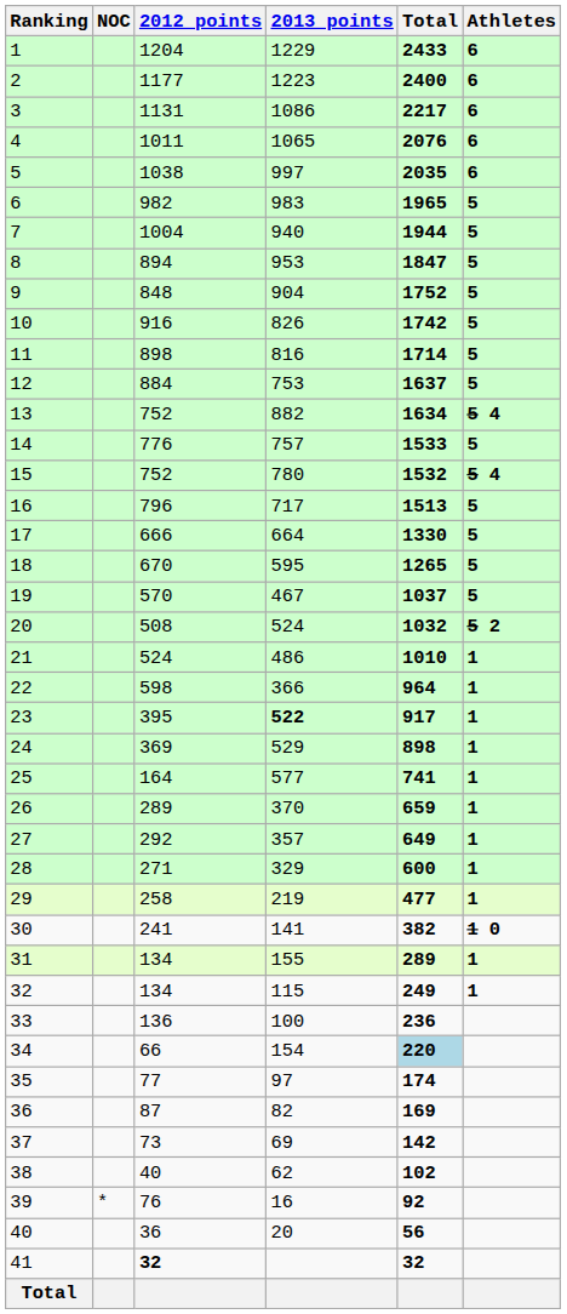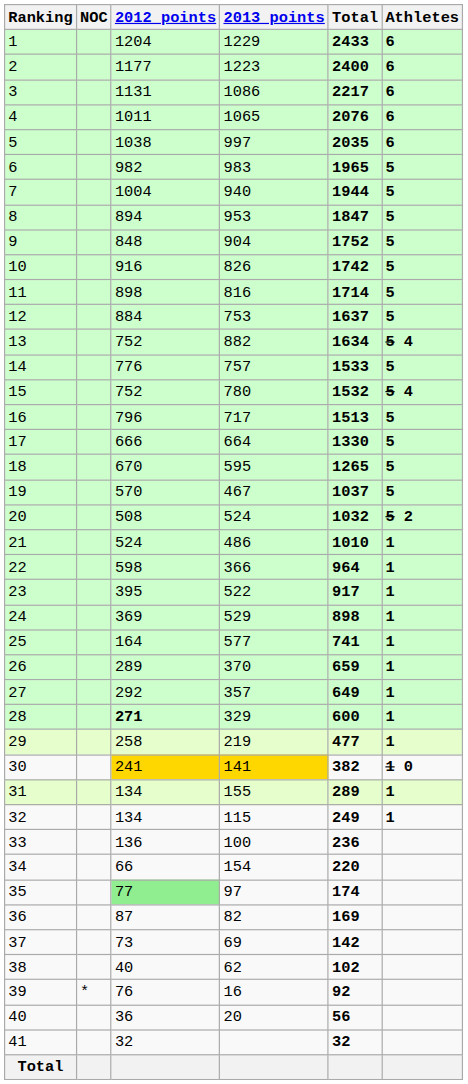 <table class="wikitable sortable">
 <tr>
 <th>Ranking</th>
 <th>NOC</th>
 <th><a href='#'>2012 points</a></th>
 <th><a href='#'>2013 points</a></th>
 <th>Total</th>
 <th>Athletes</th>
 </tr>
 <tr bgcolor=ccffcc>
 <td>1</td>
 <td align=left></td>
 <td>1204</td>
 <td>1229</td>
 <td><strong>2433</strong></td>
 <td><strong>6</strong></td>
 </tr>
 <tr bgcolor=ccffcc>
 <td>2</td>
 <td align=left></td>
 <td>1177</td>
 <td>1223</td>
 <td><strong>2400</strong></td>
 <td><strong>6</strong></td>
 </tr>
 <tr bgcolor=ccffcc>
 <td>3</td>
 <td align=left></td>
 <td>1131</td>
 <td>1086</td>
 <td><strong>2217</strong></td>
 <td><strong>6</strong></td>
 </tr>
 <tr bgcolor=ccffcc>
 <td>4</td>
 <td align=left></td>
 <td>1011</td>
 <td>1065</td>
 <td><strong>2076</strong></td>
 <td><strong>6</strong></td>
 </tr>
 <tr bgcolor=ccffcc>
 <td>5</td>
 <td align=left></td>
 <td>1038</td>
 <td>997</td>
 <td><strong>2035</strong></td>
 <td><strong>6</strong></td>
 </tr>
 <tr bgcolor=ccffcc>
 <td>6</td>
 <td align=left></td>
 <td>982</td>
 <td>983</td>
 <td><strong>1965</strong></td>
 <td><strong>5</strong></td>
 </tr>
 <tr bgcolor=ccffcc>
 <td>7</td>
 <td align=left></td>
 <td>1004</td>
 <td>940</td>
 <td><strong>1944</strong></td>
 <td><strong>5</strong></td>
 </tr>
 <tr bgcolor=ccffcc>
 <td>8</td>
 <td align=left></td>
 <td>894</td>
 <td>953</td>
 <td><strong>1847</strong></td>
 <td><strong>5</strong></td>
 </tr>
 <tr bgcolor=ccffcc>
 <td>9</td>
 <td align=left></td>
 <td>848</td>
 <td>904</td>
 <td><strong>1752</strong></td>
 <td><strong>5</strong></td>
 </tr>
 <tr bgcolor=ccffcc>
 <td>10</td>
 <td align=left></td>
 <td>916</td>
 <td>826</td>
 <td><strong>1742</strong></td>
 <td><strong>5</strong></td>
 </tr>
 <tr bgcolor=ccffcc>
 <td>11</td>
 <td align=left></td>
 <td>898</td>
 <td>816</td>
 <td><strong>1714</strong></td>
 <td><strong>5</strong></td>
 </tr>
 <tr bgcolor=ccffcc>
 <td>12</td>
 <td align=left></td>
 <td>884</td>
 <td>753</td>
 <td><strong>1637</strong></td>
 <td><strong>5</strong></td>
 </tr>
 <tr bgcolor=ccffcc>
 <td>13</td>
 <td align=left></td>
 <td>752</td>
 <td>882</td>
 <td><strong>1634</strong></td>
 <td><s><strong>5</strong></s> <strong>4</strong></td>
 </tr>
 <tr bgcolor=ccffcc>
 <td>14</td>
 <td align=left></td>
 <td>776</td>
 <td>757</td>
 <td><strong>1533</strong></td>
 <td><strong>5</strong></td>
 </tr>
 <tr bgcolor=ccffcc>
 <td>15</td>
 <td align=left></td>
 <td>752</td>
 <td>780</td>
 <td><strong>1532</strong></td>
 <td><s><strong>5</strong></s> <strong>4</strong></td>
 </tr>
 <tr bgcolor=ccffcc>
 <td>16</td>
 <td align=left></td>
 <td>796</td>
 <td>717</td>
 <td><strong>1513</strong></td>
 <td><strong>5</strong></td>
 </tr>
 <tr bgcolor=ccffcc>
 <td>17</td>
 <td align=left></td>
 <td>666</td>
 <td>664</td>
 <td><strong>1330</strong></td>
 <td><strong>5</strong></td>
 </tr>
 <tr bgcolor=ccffcc>
 <td>18</td>
 <td align=left></td>
 <td>670</td>
 <td>595</td>
 <td><strong>1265</strong></td>
 <td><strong>5</strong></td>
 </tr>
 <tr bgcolor=ccffcc>
 <td>19</td>
 <td align=left></td>
 <td>570</td>
 <td>467</td>
 <td><strong>1037</strong></td>
 <td><strong>5</strong></td>
 </tr>
 <tr bgcolor=ccffcc>
 <td>20</td>
 <td align=left></td>
 <td>508</td>
 <td>524</td>
 <td><strong>1032</strong></td>
 <td><s><strong>5</strong></s> <strong>2</strong></td>
 </tr>
 <tr bgcolor=ccffcc>
 <td>21</td>
 <td align=left></td>
 <td>524</td>
 <td>486</td>
 <td><strong>1010</strong></td>
 <td><strong>1</strong></td>
 </tr>
 <tr bgcolor=ccffcc>
 <td>22</td>
 <td align=left></td>
 <td>598</td>
 <td>366</td>
 <td><strong>964</strong></td>
 <td><strong>1</strong></td>
 </tr>
 <tr bgcolor=ccffcc>
 <td>23</td>
 <td align=left></td>
 <td>395</td>
-<td><strong>522</strong></td>
+<td>522</td>
 <td><strong>917</strong></td>
 <td><strong>1</strong></td>
 </tr>
 <tr bgcolor=ccffcc>
 <td>24</td>
 <td align=left></td>
 <td>369</td>
 <td>529</td>
 <td><strong>898</strong></td>
 <td><strong>1</strong></td>
 </tr>
 <tr bgcolor=ccffcc>
 <td>25</td>
 <td align=left></td>
 <td>164</td>
 <td>577</td>
 <td><strong>741</strong></td>
 <td><strong>1</strong></td>
 </tr>
 <tr bgcolor=ccffcc>
 <td>26</td>
 <td align=left></td>
 <td>289</td>
 <td>370</td>
 <td><strong>659</strong></td>
 <td><strong>1</strong></td>
 </tr>
 <tr bgcolor=ccffcc>
 <td>27</td>
 <td align=left></td>
 <td>292</td>
 <td>357</td>
 <td><strong>649</strong></td>
 <td><strong>1</strong></td>
 </tr>
 <tr bgcolor=ccffcc>
 <td>28</td>
 <td align=left></td>
-<td>271</td>
+<td><strong>271</strong></td>
 <td>329</td>
 <td><strong>600</strong></td>
 <td><strong>1</strong></td>
 </tr>
 <tr bgcolor=e5fecc>
 <td>29</td>
 <td align=left></td>
 <td>258</td>
 <td>219</td>
 <td><strong>477</strong></td>
 <td><strong>1</strong></td>
 </tr>
 <tr>
 <td>30</td>
 <td align=left><s></s></td>
-<td>241</td>
-<td>141</td>
+<td style="background: gold;">241</td>
+<td style="background: gold;">141</td>
 <td><strong>382</strong></td>
 <td><s><strong>1</strong></s> <strong>0</strong></td>
 </tr>
 <tr bgcolor=e5fecc>
 <td>31</td>
 <td align=left></td>
 <td>134</td>
 <td>155</td>
 <td><strong>289</strong></td>
 <td><strong>1</strong></td>
 </tr>
 <tr -bgcolor=e5fecc>
 <td>32</td>
 <td align=left></td>
 <td>134</td>
 <td>115</td>
 <td><strong>249</strong></td>
 <td><strong>1</strong></td>
 </tr>
 <tr>
 <td>33</td>
 <td align=left></td>
 <td>136</td>
 <td>100</td>
 <td><strong>236</strong></td>
 <td></td>
 </tr>
 <tr>
 <td>34</td>
 <td align=left></td>
 <td>66</td>
 <td>154</td>
-<td style="background: lightblue;"><strong>220</strong></td>
+<td><strong>220</strong></td>
 <td></td>
 </tr>
 <tr>
 <td>35</td>
 <td align=left></td>
-<td>77</td>
+<td style="background: lightgreen;">77</td>
 <td>97</td>
 <td><strong>174</strong></td>
 <td></td>
 </tr>
 <tr>
 <td>36</td>
 <td align=left></td>
 <td>87</td>
 <td>82</td>
 <td><strong>169</strong></td>
 <td></td>
 </tr>
 <tr>
 <td>37</td>
 <td align=left></td>
 <td>73</td>
 <td>69</td>
 <td><strong>142</strong></td>
 <td></td>
 </tr>
 <tr>
 <td>38</td>
 <td align=left></td>
 <td>40</td>
 <td>62</td>
 <td><strong>102</strong></td>
 <td></td>
 </tr>
 <tr>
 <td>39</td>
 <td align=left>*</td>
 <td>76</td>
 <td>16</td>
 <td><strong>92</strong></td>
 <td></td>
 </tr>
 <tr>
 <td>40</td>
 <td align=left></td>
 <td>36</td>
 <td>20</td>
 <td><strong>56</strong></td>
 <td></td>
 </tr>
 <tr>
 <td>41</td>
 <td align=left></td>
-<td><strong>32</strong></td>
+<td>32</td>
 <td></td>
 <td><strong>32</strong></td>
 <td></td>
 </tr>
 <tr>
 <th>Total</th>
 <th></th>
 <th></th>
 <th></th>
 <th></th>
 <th></th>
 </tr>
 </table>
